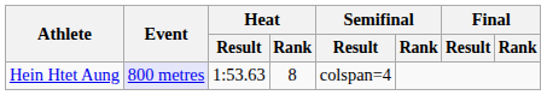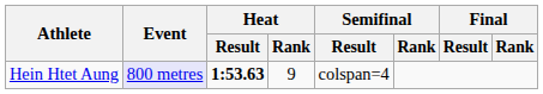 <table class="wikitable" style="font-size:90%">
 <tr>
 <th rowspan="2">Athlete</th>
 <th rowspan="2">Event</th>
 <th colspan="2">Heat</th>
 <th colspan="2">Semifinal</th>
 <th colspan="2">Final</th>
 </tr>
 <tr style="font-size:95%">
 <th>Result</th>
 <th>Rank</th>
 <th>Result</th>
 <th>Rank</th>
 <th>Result</th>
 <th>Rank</th>
 </tr>
 <tr align=center>
 <td align=left><a href='#'>Hein Htet Aung</a></td>
 <td align=left style="background: lavender;"><a href='#'>800 metres</a></td>
-<td>1:53.63 </td>
-<td>8</td>
+<td><strong>1:53.63 </strong></td>
+<td>9</td>
 <td>colspan=4 </td>
 </tr>
 </table>
